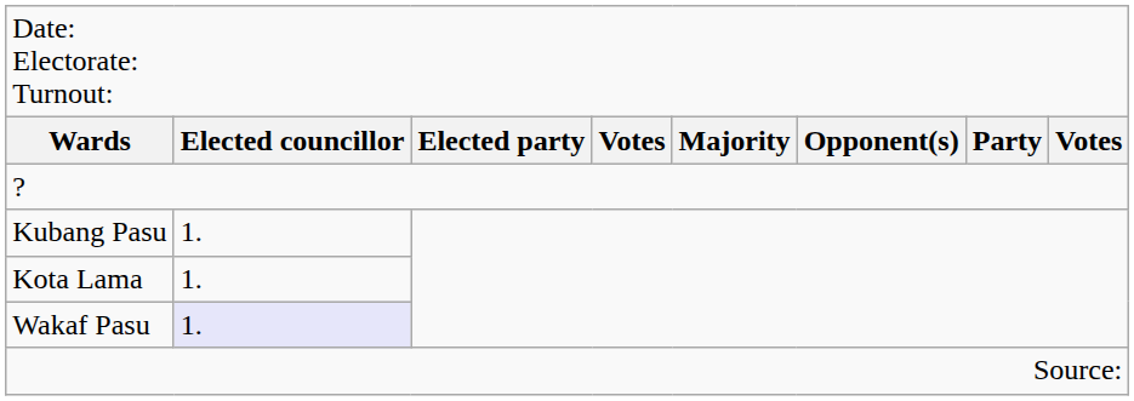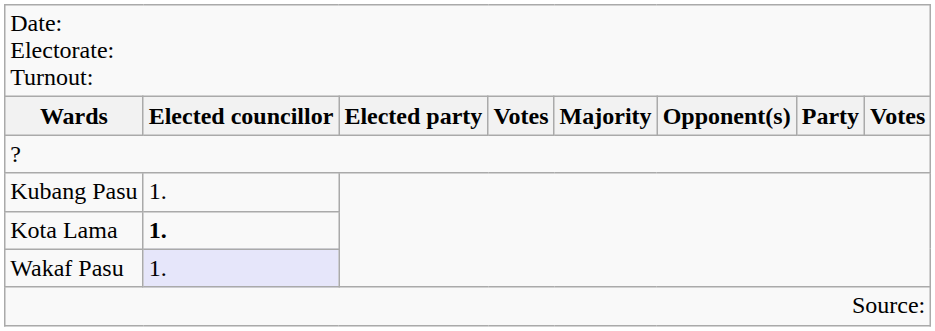 <table class=wikitable>
 <tr>
 <td colspan=8>Date: <br>Electorate: <br>Turnout:</td>
 </tr>
 <tr>
 <th>Wards</th>
 <th>Elected councillor</th>
 <th>Elected party</th>
 <th>Votes</th>
 <th>Majority</th>
 <th>Opponent(s)</th>
 <th>Party</th>
 <th>Votes</th>
 </tr>
 <tr>
 <td colspan=8>? </td>
 </tr>
 <tr>
 <td>Kubang Pasu</td>
 <td>1.</td>
 </tr>
 <tr>
 <td>Kota Lama</td>
-<td>1.</td>
+<td><strong>1.</strong></td>
 </tr>
 <tr>
 <td>Wakaf Pasu</td>
 <td style="background: lavender;">1.</td>
 </tr>
 <tr>
 <td colspan=8 align=right>Source:</td>
 </tr>
 </table>
